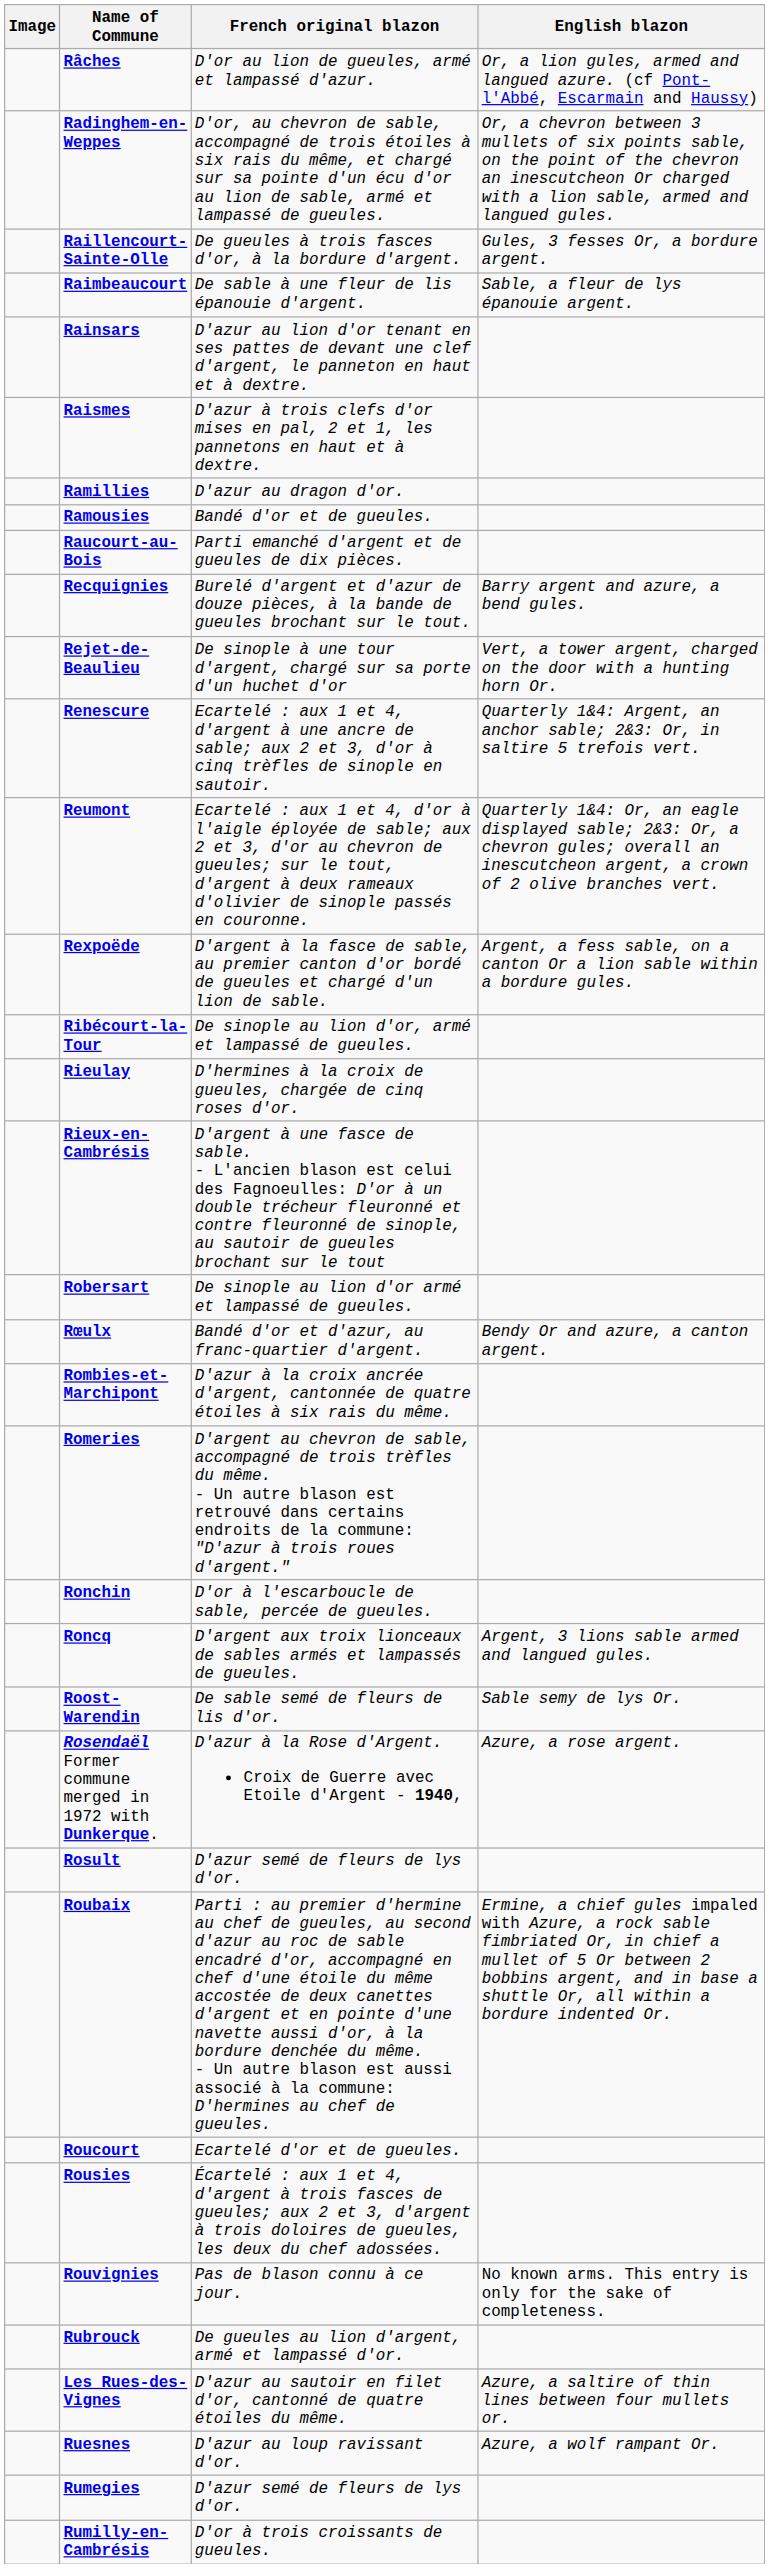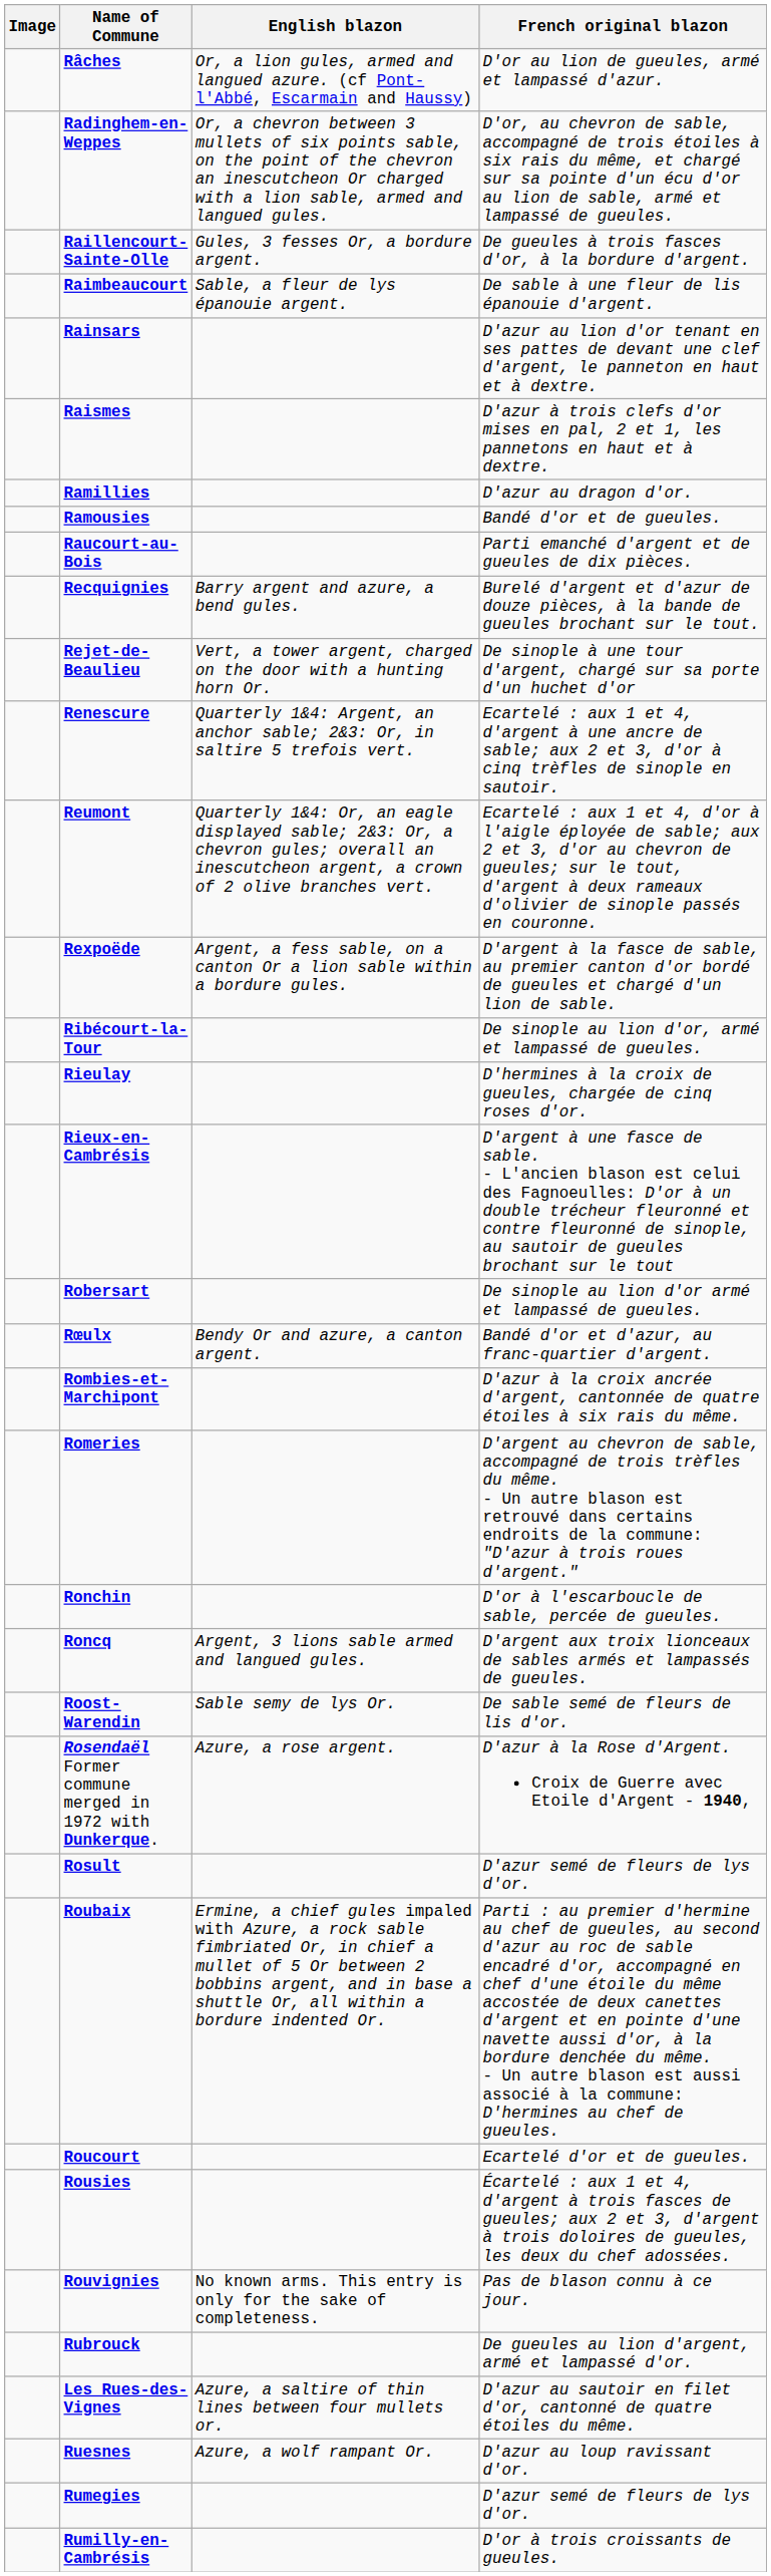 <table class="wikitable" width="100%">
 <tr>
 <th width="110">Image</th>
 <th>Name of Commune</th>
+<th width="40%">English blazon</th>
 <th width="40%">French original blazon</th>
-<th width="40%">English blazon</th>
 </tr>
 <tr valign=top>
 <td align=center></td>
 <td><strong><a href='#'>Râches</a></strong></td>
+<td><em>Or, a lion gules, armed and langued azure.</em> (cf <a href='#'>Pont-l'Abbé</a>, <a href='#'>Escarmain</a> and <a href='#'>Haussy</a>)</td>
 <td><em>D'or au lion de gueules, armé et lampassé d'azur.</em></td>
-<td><em>Or, a lion gules, armed and langued azure.</em> (cf <a href='#'>Pont-l'Abbé</a>, <a href='#'>Escarmain</a> and <a href='#'>Haussy</a>)</td>
 </tr>
 <tr valign=top>
 <td align=center></td>
 <td><strong><a href='#'>Radinghem-en-Weppes</a></strong></td>
+<td><em>Or, a chevron between 3 mullets of six points sable, on the point of the chevron an inescutcheon Or charged with a lion sable, armed and langued gules.</em></td>
 <td><em>D'or, au chevron de sable, accompagné de trois étoiles à six rais du même, et chargé sur sa pointe d'un écu d'or au lion de sable, armé et lampassé de gueules.</em></td>
-<td><em>Or, a chevron between 3 mullets of six points sable, on the point of the chevron an inescutcheon Or charged with a lion sable, armed and langued gules.</em></td>
 </tr>
 <tr valign=top>
 <td align=center></td>
 <td><strong><a href='#'>Raillencourt-Sainte-Olle</a></strong></td>
+<td><em>Gules, 3 fesses Or, a bordure argent.</em></td>
 <td><em>De gueules à trois fasces d'or, à la bordure d'argent.</em></td>
-<td><em>Gules, 3 fesses Or, a bordure argent.</em></td>
 </tr>
 <tr valign=top>
 <td align=center></td>
 <td><strong><a href='#'>Raimbeaucourt</a></strong></td>
+<td><em>Sable, a fleur de lys épanouie argent.</em></td>
 <td><em>De sable à une fleur de lis épanouie d'argent.</em></td>
-<td><em>Sable, a fleur de lys épanouie argent.</em></td>
 </tr>
 <tr valign=top>
 <td align=center></td>
 <td><strong><a href='#'>Rainsars</a></strong></td>
+<td></td>
 <td><em>D'azur au lion d'or tenant en ses pattes de devant une clef d'argent, le panneton en haut et à dextre.</em></td>
-<td></td>
 </tr>
 <tr valign=top>
 <td align=center></td>
 <td><strong><a href='#'>Raismes</a></strong></td>
+<td></td>
 <td><em>D'azur à trois clefs d'or mises en pal, 2 et 1, les pannetons en haut et à dextre.</em></td>
-<td></td>
 </tr>
 <tr valign=top>
 <td align=center></td>
 <td><strong><a href='#'>Ramillies</a></strong></td>
+<td></td>
 <td><em>D'azur au dragon d'or.</em></td>
-<td></td>
 </tr>
 <tr valign=top>
 <td align=center></td>
 <td><strong><a href='#'>Ramousies</a></strong></td>
+<td></td>
 <td><em>Bandé d'or et de gueules.</em></td>
-<td></td>
 </tr>
 <tr valign=top>
 <td align=center></td>
 <td><strong><a href='#'>Raucourt-au-Bois</a></strong></td>
+<td></td>
 <td><em>Parti emanché d'argent et de gueules de dix pièces.</em></td>
-<td></td>
 </tr>
 <tr valign=top>
 <td align=center></td>
 <td><strong><a href='#'>Recquignies</a></strong></td>
+<td><em>Barry argent and azure, a bend gules.</em></td>
 <td><em>Burelé d'argent et d'azur de douze pièces, à la bande de gueules brochant sur le tout.</em></td>
-<td><em>Barry argent and azure, a bend gules.</em></td>
 </tr>
 <tr valign=top>
 <td align=center></td>
 <td><strong><a href='#'>Rejet-de-Beaulieu</a></strong></td>
+<td><em>Vert, a tower argent, charged on the door with a hunting horn Or.</em></td>
 <td><em>De sinople à une tour d'argent, chargé sur sa porte d'un huchet d'or </em></td>
-<td><em>Vert, a tower argent, charged on the door with a hunting horn Or.</em></td>
 </tr>
 <tr valign=top>
 <td align=center></td>
 <td><strong><a href='#'>Renescure</a></strong></td>
+<td><em>Quarterly 1&4: Argent, an anchor sable; 2&3: Or, in saltire 5 trefois vert.</em></td>
 <td><em>Ecartelé : aux 1 et 4, d'argent à une ancre de sable; aux 2 et 3, d'or à cinq trèfles de sinople en sautoir.</em></td>
-<td><em>Quarterly 1&4: Argent, an anchor sable; 2&3: Or, in saltire 5 trefois vert.</em></td>
 </tr>
 <tr valign=top>
 <td align=center></td>
 <td><strong><a href='#'>Reumont</a></strong></td>
+<td><em>Quarterly 1&4: Or, an eagle displayed sable; 2&3: Or, a chevron gules; overall an inescutcheon argent, a crown of 2 olive branches vert.</em></td>
 <td><em>Ecartelé : aux 1 et 4, d'or à l'aigle éployée de sable; aux 2 et 3, d'or au chevron de gueules; sur le tout, d'argent à deux rameaux d'olivier de sinople passés en couronne.</em></td>
-<td><em>Quarterly 1&4: Or, an eagle displayed sable; 2&3: Or, a chevron gules; overall an inescutcheon argent, a crown of 2 olive branches vert.</em></td>
 </tr>
 <tr valign=top>
 <td align=center></td>
 <td><strong><a href='#'>Rexpoëde</a></strong></td>
+<td><em>Argent, a fess sable, on a canton Or a lion sable within a bordure gules.</em></td>
 <td><em>D'argent à la fasce de sable, au premier canton d'or bordé de gueules et chargé d'un lion de sable.</em></td>
-<td><em>Argent, a fess sable, on a canton Or a lion sable within a bordure gules.</em></td>
 </tr>
 <tr valign=top>
 <td align=center></td>
 <td><strong><a href='#'>Ribécourt-la-Tour</a></strong></td>
+<td></td>
 <td><em>De sinople au lion d'or, armé et lampassé de gueules.</em></td>
-<td></td>
 </tr>
 <tr valign=top>
 <td align=center></td>
 <td><strong><a href='#'>Rieulay</a></strong></td>
+<td></td>
 <td><em>D'hermines à la croix de gueules, chargée de cinq roses d'or.</em></td>
-<td></td>
 </tr>
 <tr valign=top>
 <td align=center></td>
 <td><strong><a href='#'>Rieux-en-Cambrésis</a></strong></td>
+<td></td>
 <td><em>D'argent à une fasce de sable.</em><br> - L'ancien blason est celui des Fagnoeulles: <em>D'or à un double trécheur fleuronné et contre fleuronné de sinople, au sautoir de gueules brochant sur le tout</em></td>
-<td></td>
 </tr>
 <tr valign=top>
 <td align=center></td>
 <td><strong><a href='#'>Robersart</a></strong></td>
+<td></td>
 <td><em>De sinople au lion d'or armé et lampassé de gueules.</em></td>
-<td></td>
 </tr>
 <tr valign=top>
 <td align=center></td>
 <td><strong><a href='#'>Rœulx</a></strong></td>
+<td><em>Bendy Or and azure, a canton argent.</em></td>
 <td><em>Bandé d'or et d'azur, au franc-quartier d'argent.</em></td>
-<td><em>Bendy Or and azure, a canton argent.</em></td>
 </tr>
 <tr valign=top>
 <td align=center></td>
 <td><strong><a href='#'>Rombies-et-Marchipont</a></strong></td>
+<td></td>
 <td><em>D'azur à la croix ancrée d'argent, cantonnée de quatre étoiles à six rais du même.</em></td>
-<td></td>
 </tr>
 <tr valign=top>
 <td align=center></td>
 <td><strong><a href='#'>Romeries</a></strong></td>
+<td></td>
 <td><em>D'argent au chevron de sable, accompagné de trois trèfles du même.</em><br> - Un autre blason est retrouvé dans certains endroits de la commune: <em>"D'azur à trois roues d'argent."</em></td>
-<td></td>
 </tr>
 <tr valign=top>
 <td align=center></td>
 <td><strong><a href='#'>Ronchin</a></strong></td>
+<td></td>
 <td><em>D'or à l'escarboucle de sable, percée de gueules.</em></td>
-<td></td>
 </tr>
 <tr valign=top>
 <td align=center></td>
 <td><strong><a href='#'>Roncq</a></strong></td>
+<td><em>Argent, 3 lions sable armed and langued gules.</em></td>
 <td><em>D'argent aux troix lionceaux de sables armés et lampassés de gueules.</em></td>
-<td><em>Argent, 3 lions sable armed and langued gules.</em></td>
 </tr>
 <tr valign=top>
 <td align=center></td>
 <td><strong><a href='#'>Roost-Warendin</a></strong></td>
+<td><em>Sable semy de lys Or.</em></td>
 <td><em>De sable semé de fleurs de lis d'or.</em></td>
-<td><em>Sable semy de lys Or.</em></td>
 </tr>
 <tr valign=top>
 <td align=center></td>
 <td><strong><em><a href='#'>Rosendaël</a></em></strong><br>Former commune merged in 1972 with <strong><a href='#'>Dunkerque</a></strong>.</td>
+<td><em>Azure, a rose argent.</em></td>
 <td><em>D'azur à la Rose d'Argent.</em><br><ul><li>Croix de Guerre avec Etoile d'Argent -  <strong>1940</strong>,</li></ul></td>
-<td><em>Azure, a rose argent.</em></td>
 </tr>
 <tr valign=top>
 <td align=center></td>
 <td><strong><a href='#'>Rosult</a></strong></td>
+<td></td>
 <td><em>D'azur semé de fleurs de lys d'or.</em></td>
-<td></td>
 </tr>
 <tr valign=top>
 <td align=center></td>
 <td><strong><a href='#'>Roubaix</a></strong></td>
+<td><em>Ermine, a chief gules</em> impaled with <em>Azure, a rock sable fimbriated Or, in chief a mullet of 5 Or between 2 bobbins argent, and in base a shuttle Or, all within a bordure indented Or.</em></td>
 <td><em>Parti : au premier d'hermine au chef de gueules, au second d'azur au roc de sable encadré d'or, accompagné en chef d'une étoile du même accostée de deux canettes d'argent et en pointe d'une navette aussi d'or, à la bordure denchée du même.</em><br>- Un autre blason est aussi associé à la commune: <em>D'hermines au chef de gueules.</em></td>
-<td><em>Ermine, a chief gules</em> impaled with <em>Azure, a rock sable fimbriated Or, in chief a mullet of 5 Or between 2 bobbins argent, and in base a shuttle Or, all within a bordure indented Or.</em></td>
 </tr>
 <tr valign=top>
 <td align=center></td>
 <td><strong><a href='#'>Roucourt</a></strong></td>
+<td></td>
 <td><em>Ecartelé d'or et de gueules.</em></td>
-<td></td>
 </tr>
 <tr valign=top>
 <td align=center></td>
 <td><strong><a href='#'>Rousies</a></strong></td>
+<td></td>
 <td><em>Écartelé : aux 1 et 4, d'argent à trois fasces de gueules; aux 2 et 3, d'argent à trois doloires de gueules, les deux du chef adossées.</em> </td>
-<td></td>
 </tr>
 <tr valign=top>
 <td align=center></td>
 <td><strong><a href='#'>Rouvignies</a></strong></td>
+<td>No known arms. This entry is only for the sake of completeness.</td>
 <td><em>Pas de blason connu à ce jour.</em></td>
-<td>No known arms. This entry is only for the sake of completeness.</td>
 </tr>
 <tr valign=top>
 <td align=center></td>
 <td><strong><a href='#'>Rubrouck</a></strong></td>
+<td></td>
 <td><em>De gueules au lion d'argent, armé et lampassé d'or.</em></td>
-<td></td>
 </tr>
 <tr valign=top>
 <td align=center></td>
 <td><strong><a href='#'>Les Rues-des-Vignes</a></strong></td>
+<td><em>Azure, a saltire of thin lines between four mullets or.</em></td>
 <td><em>D'azur au sautoir en filet d'or, cantonné de quatre étoiles du même.</em></td>
-<td><em>Azure, a saltire of thin lines between four mullets or.</em></td>
 </tr>
 <tr valign=top>
 <td align=center></td>
 <td><strong><a href='#'>Ruesnes</a></strong></td>
+<td><em>Azure, a wolf rampant Or.</em></td>
 <td><em>D'azur au loup ravissant d'or.</em></td>
-<td><em>Azure, a wolf rampant Or.</em></td>
 </tr>
 <tr valign=top>
 <td align=center></td>
 <td><strong><a href='#'>Rumegies</a></strong></td>
+<td></td>
 <td><em>D'azur semé de fleurs de lys d'or.</em></td>
-<td></td>
 </tr>
 <tr valign=top>
 <td align=center></td>
 <td><strong><a href='#'>Rumilly-en-Cambrésis</a></strong></td>
+<td></td>
 <td><em>D'or à trois croissants de gueules.</em></td>
-<td></td>
 </tr>
 </table>
